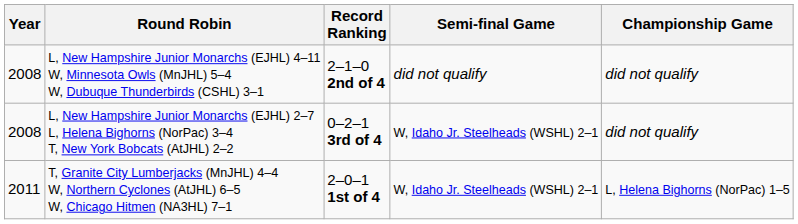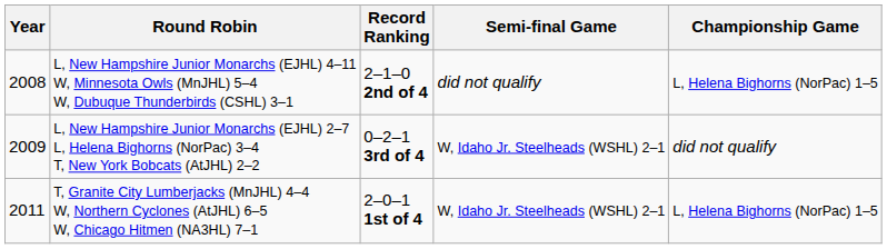 <table class="wikitable">
 <tr>
 <th>Year</th>
 <th>Round Robin</th>
 <th>Record<br>Ranking</th>
 <th>Semi-final Game</th>
 <th>Championship Game</th>
 </tr>
 <tr>
 <td>2008</td>
 <td><small> L, <a href='#'>New Hampshire Junior Monarchs</a> (EJHL) 4–11<br>W, <a href='#'>Minnesota Owls</a> (MnJHL) 5–4<br>W, <a href='#'>Dubuque Thunderbirds</a> (CSHL) 3–1</small></td>
 <td>2–1–0<br><strong>2nd of 4</strong></td>
 <td><em>did not qualify</em></td>
-<td><em>did not qualify</em></td>
+<td><small>L, <a href='#'>Helena Bighorns</a> (NorPac) 1–5</small></td>
 </tr>
 <tr>
-<td>2008</td>
+<td>2009</td>
 <td><small> L, <a href='#'>New Hampshire Junior Monarchs</a> (EJHL) 2–7<br>L, <a href='#'>Helena Bighorns</a> (NorPac) 3–4<br>T, <a href='#'>New York Bobcats</a> (AtJHL) 2–2</small></td>
 <td>0–2–1<br><strong>3rd of 4</strong></td>
 <td><small>W, <a href='#'>Idaho Jr. Steelheads</a> (WSHL) 2–1</small></td>
 <td><em>did not qualify</em></td>
 </tr>
 <tr>
 <td>2011</td>
 <td><small> T, <a href='#'>Granite City Lumberjacks</a> (MnJHL) 4–4<br>W, <a href='#'>Northern Cyclones</a> (AtJHL) 6–5<br>W, <a href='#'>Chicago Hitmen</a> (NA3HL) 7–1</small></td>
 <td>2–0–1<br><strong>1st of 4</strong></td>
 <td><small>W, <a href='#'>Idaho Jr. Steelheads</a> (WSHL) 2–1</small></td>
 <td><small>L, <a href='#'>Helena Bighorns</a> (NorPac) 1–5</small></td>
 </tr>
 </table>
